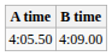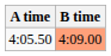 <table class="wikitable" border="1" align="upright">
 <tr>
 <th>A time</th>
 <th>B time</th>
 </tr>
 <tr>
 <td>4:05.50</td>
-<td>4:09.00</td>
+<td style="background: lightsalmon;">4:09.00</td>
 </tr>
 </table>
